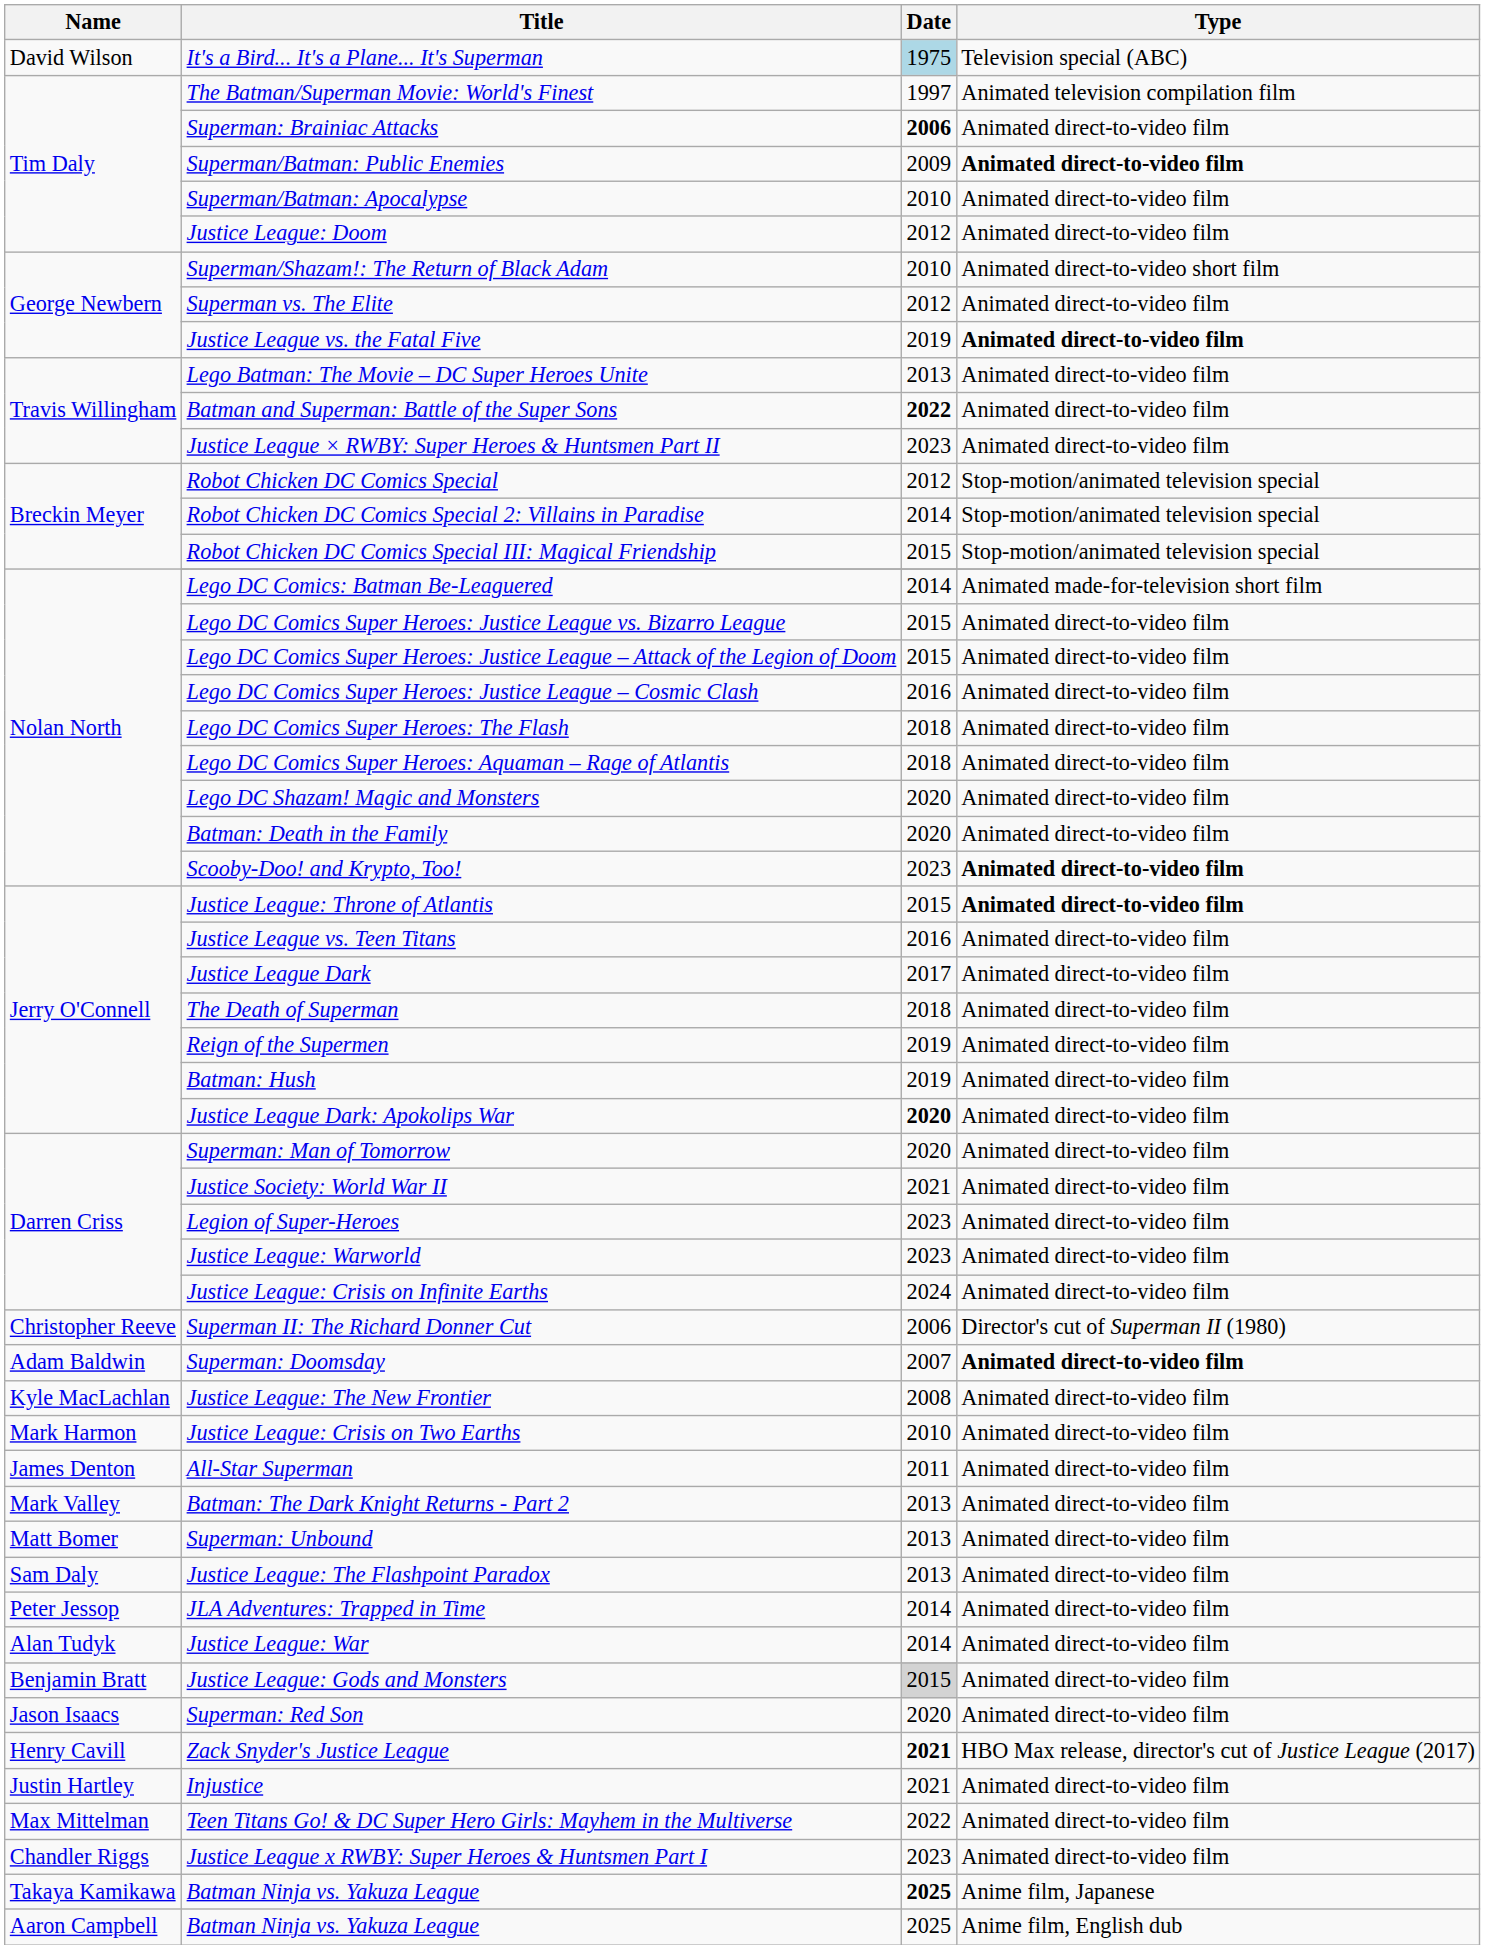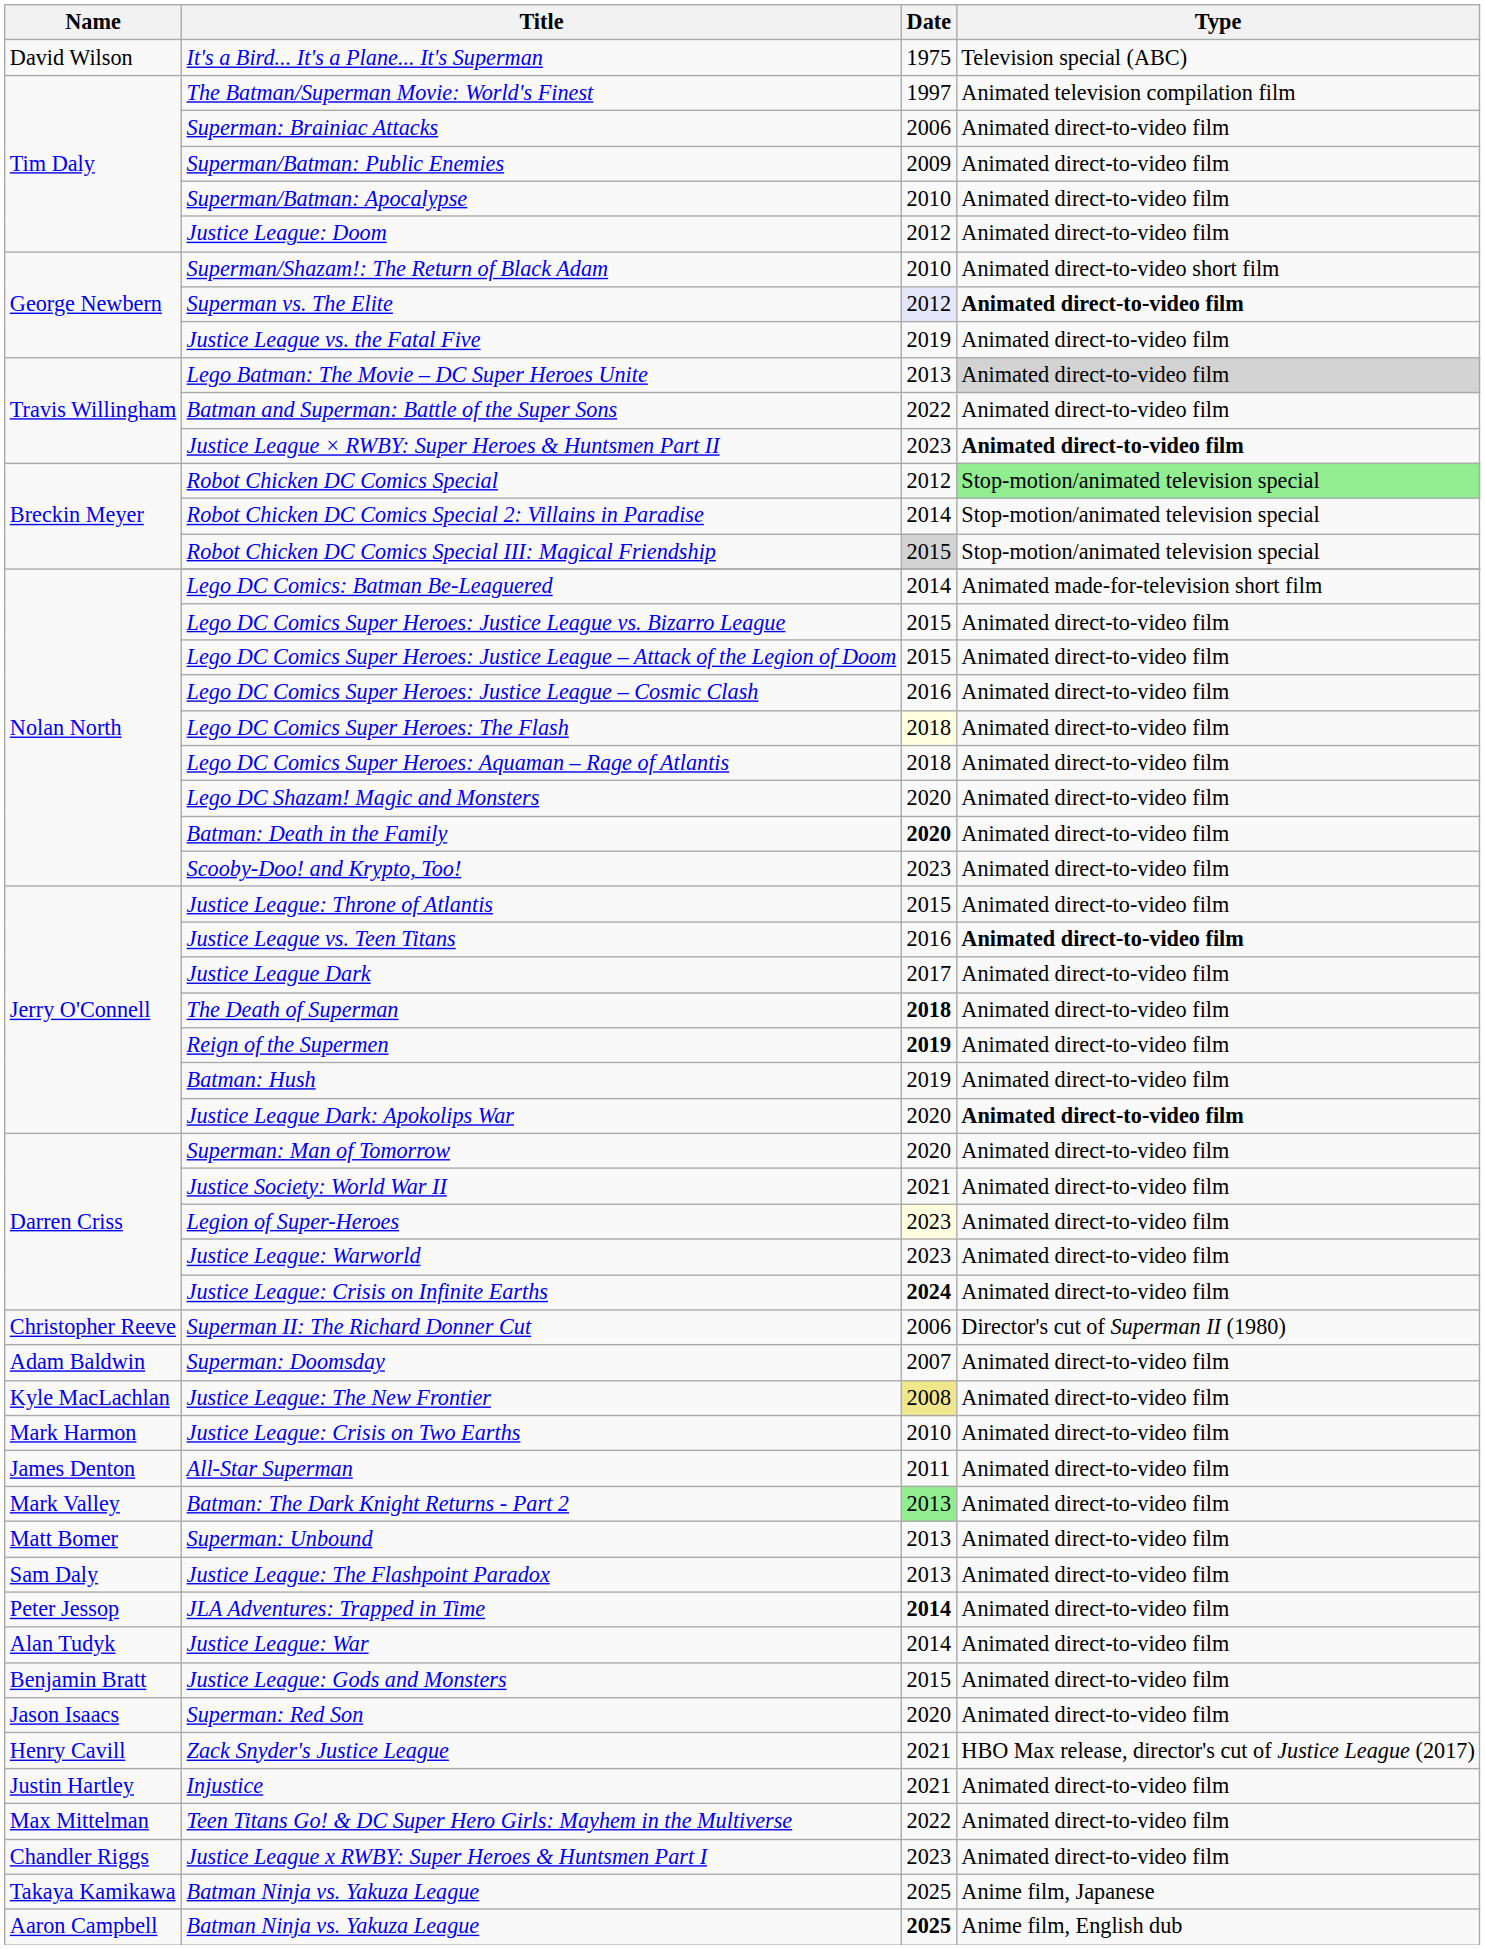 <table class="wikitable sortable">
 <tr>
 <th>Name</th>
 <th>Title</th>
 <th>Date</th>
 <th>Type</th>
 </tr>
 <tr>
 <td>David Wilson</td>
 <td><em><a href='#'>It's a Bird... It's a Plane... It's Superman</a></em></td>
-<td style="background: lightblue;">1975</td>
+<td>1975</td>
 <td>Television special (ABC)</td>
 </tr>
 <tr>
 <td rowspan="5"><a href='#'>Tim Daly</a></td>
 <td><em><a href='#'>The Batman/Superman Movie: World's Finest</a></em></td>
 <td>1997</td>
 <td>Animated television compilation film</td>
 </tr>
 <tr>
 <td><em><a href='#'>Superman: Brainiac Attacks</a></em></td>
-<td><strong>2006</strong></td>
+<td>2006</td>
 <td>Animated direct-to-video film</td>
 </tr>
 <tr>
 <td><em><a href='#'>Superman/Batman: Public Enemies</a></em></td>
 <td>2009</td>
-<td><strong>Animated direct-to-video film</strong></td>
+<td>Animated direct-to-video film</td>
 </tr>
 <tr>
 <td><em><a href='#'>Superman/Batman: Apocalypse</a></em></td>
 <td>2010</td>
 <td>Animated direct-to-video film</td>
 </tr>
 <tr>
 <td><em><a href='#'>Justice League: Doom</a></em></td>
 <td>2012</td>
 <td>Animated direct-to-video film</td>
 </tr>
 <tr>
 <td rowspan="3"><a href='#'>George Newbern</a></td>
 <td><em><a href='#'>Superman/Shazam!: The Return of Black Adam</a></em></td>
 <td>2010</td>
 <td>Animated direct-to-video short film</td>
 </tr>
 <tr>
 <td><em><a href='#'>Superman vs. The Elite</a></em></td>
-<td>2012</td>
-<td>Animated direct-to-video film</td>
+<td style="background: lavender;">2012</td>
+<td><strong>Animated direct-to-video film</strong></td>
 </tr>
 <tr>
 <td><em><a href='#'>Justice League vs. the Fatal Five</a></em></td>
 <td>2019</td>
-<td><strong>Animated direct-to-video film</strong></td>
+<td>Animated direct-to-video film</td>
 </tr>
 <tr>
 <td rowspan="3"><a href='#'>Travis Willingham</a></td>
 <td><em><a href='#'>Lego Batman: The Movie – DC Super Heroes Unite</a></em></td>
 <td>2013</td>
-<td>Animated direct-to-video film</td>
+<td style="background: lightgrey;">Animated direct-to-video film</td>
 </tr>
 <tr>
 <td><em><a href='#'>Batman and Superman: Battle of the Super Sons</a></em></td>
-<td><strong>2022</strong></td>
+<td>2022</td>
 <td>Animated direct-to-video film</td>
 </tr>
 <tr>
 <td><em><a href='#'>Justice League × RWBY: Super Heroes & Huntsmen Part II</a></em></td>
 <td>2023</td>
-<td>Animated direct-to-video film</td>
+<td><strong>Animated direct-to-video film</strong></td>
 </tr>
 <tr>
 <td rowspan="3"><a href='#'>Breckin Meyer</a></td>
 <td><em><a href='#'>Robot Chicken DC Comics Special</a></em></td>
 <td>2012</td>
-<td>Stop-motion/animated television special</td>
+<td style="background: lightgreen;">Stop-motion/animated television special</td>
 </tr>
 <tr>
 <td><em><a href='#'>Robot Chicken DC Comics Special 2: Villains in Paradise</a></em></td>
 <td>2014</td>
 <td>Stop-motion/animated television special</td>
 </tr>
 <tr>
 <td><em><a href='#'>Robot Chicken DC Comics Special III: Magical Friendship</a></em></td>
-<td>2015</td>
+<td style="background: lightgrey;">2015</td>
 <td>Stop-motion/animated television special</td>
 </tr>
 <tr>
 <td rowspan="10"><a href='#'>Nolan North</a></td>
 </tr>
 <tr>
 <td><em><a href='#'>Lego DC Comics: Batman Be-Leaguered</a></em></td>
 <td>2014</td>
 <td>Animated made-for-television short film</td>
 </tr>
 <tr>
 <td><em><a href='#'>Lego DC Comics Super Heroes: Justice League vs. Bizarro League</a></em></td>
 <td>2015</td>
 <td>Animated direct-to-video film</td>
 </tr>
 <tr>
 <td><em><a href='#'>Lego DC Comics Super Heroes: Justice League – Attack of the Legion of Doom</a></em></td>
 <td>2015</td>
 <td>Animated direct-to-video film</td>
 </tr>
 <tr>
 <td><em><a href='#'>Lego DC Comics Super Heroes: Justice League – Cosmic Clash</a></em></td>
 <td>2016</td>
 <td>Animated direct-to-video film</td>
 </tr>
 <tr>
 <td><em><a href='#'>Lego DC Comics Super Heroes: The Flash</a></em></td>
-<td>2018</td>
+<td style="background: lightyellow;">2018</td>
 <td>Animated direct-to-video film</td>
 </tr>
 <tr>
 <td><em><a href='#'>Lego DC Comics Super Heroes: Aquaman – Rage of Atlantis</a></em></td>
 <td>2018</td>
 <td>Animated direct-to-video film</td>
 </tr>
 <tr>
 <td><em><a href='#'>Lego DC Shazam! Magic and Monsters</a></em></td>
 <td>2020</td>
 <td>Animated direct-to-video film</td>
 </tr>
 <tr>
 <td><em><a href='#'>Batman: Death in the Family</a></em></td>
-<td>2020</td>
+<td><strong>2020</strong></td>
 <td>Animated direct-to-video film</td>
 </tr>
 <tr>
 <td><em><a href='#'>Scooby-Doo! and Krypto, Too!</a></em></td>
 <td>2023</td>
-<td><strong>Animated direct-to-video film</strong></td>
+<td>Animated direct-to-video film</td>
 </tr>
 <tr>
 <td rowspan="7"><a href='#'>Jerry O'Connell</a></td>
 <td><em><a href='#'>Justice League: Throne of Atlantis</a></em></td>
 <td>2015</td>
-<td><strong>Animated direct-to-video film</strong></td>
+<td>Animated direct-to-video film</td>
 </tr>
 <tr>
 <td><em><a href='#'>Justice League vs. Teen Titans</a></em></td>
 <td>2016</td>
-<td>Animated direct-to-video film</td>
+<td><strong>Animated direct-to-video film</strong></td>
 </tr>
 <tr>
 <td><em><a href='#'>Justice League Dark</a></em></td>
 <td>2017</td>
 <td>Animated direct-to-video film</td>
 </tr>
 <tr>
 <td><em><a href='#'>The Death of Superman</a></em></td>
-<td>2018</td>
+<td><strong>2018</strong></td>
 <td>Animated direct-to-video film</td>
 </tr>
 <tr>
 <td><em><a href='#'>Reign of the Supermen</a></em></td>
-<td>2019</td>
+<td><strong>2019</strong></td>
 <td>Animated direct-to-video film</td>
 </tr>
 <tr>
 <td><em><a href='#'>Batman: Hush</a></em></td>
 <td>2019</td>
 <td>Animated direct-to-video film</td>
 </tr>
 <tr>
 <td><em><a href='#'>Justice League Dark: Apokolips War</a></em></td>
-<td><strong>2020</strong></td>
-<td>Animated direct-to-video film</td>
+<td>2020</td>
+<td><strong>Animated direct-to-video film</strong></td>
 </tr>
 <tr>
 <td rowspan="5"><a href='#'>Darren Criss</a></td>
 <td><em><a href='#'>Superman: Man of Tomorrow</a></em></td>
 <td>2020</td>
 <td>Animated direct-to-video film</td>
 </tr>
 <tr>
 <td><em><a href='#'>Justice Society: World War II</a></em></td>
 <td>2021</td>
 <td>Animated direct-to-video film</td>
 </tr>
 <tr>
 <td><em><a href='#'>Legion of Super-Heroes</a></em></td>
-<td>2023</td>
+<td style="background: lightyellow;">2023</td>
 <td>Animated direct-to-video film</td>
 </tr>
 <tr>
 <td><em><a href='#'>Justice League: Warworld</a></em></td>
 <td>2023</td>
 <td>Animated direct-to-video film</td>
 </tr>
 <tr>
 <td><em><a href='#'>Justice League: Crisis on Infinite Earths</a></em></td>
-<td>2024</td>
+<td><strong>2024</strong></td>
 <td>Animated direct-to-video film</td>
 </tr>
 <tr>
 <td><a href='#'>Christopher Reeve</a></td>
 <td><em><a href='#'>Superman II: The Richard Donner Cut</a></em></td>
 <td>2006</td>
 <td>Director's cut of <em>Superman II</em> (1980)</td>
 </tr>
 <tr>
 <td><a href='#'>Adam Baldwin</a></td>
 <td><em><a href='#'>Superman: Doomsday</a></em></td>
 <td>2007</td>
-<td><strong>Animated direct-to-video film</strong></td>
+<td>Animated direct-to-video film</td>
 </tr>
 <tr>
 <td><a href='#'>Kyle MacLachlan</a></td>
 <td><em><a href='#'>Justice League: The New Frontier</a></em></td>
-<td>2008</td>
+<td style="background: khaki;">2008</td>
 <td>Animated direct-to-video film</td>
 </tr>
 <tr>
 <td><a href='#'>Mark Harmon</a></td>
 <td><em><a href='#'>Justice League: Crisis on Two Earths</a></em></td>
 <td>2010</td>
 <td>Animated direct-to-video film</td>
 </tr>
 <tr>
 <td><a href='#'>James Denton</a></td>
 <td><em><a href='#'>All-Star Superman</a></em></td>
 <td>2011</td>
 <td>Animated direct-to-video film</td>
 </tr>
 <tr>
 <td><a href='#'>Mark Valley</a></td>
 <td><em><a href='#'>Batman: The Dark Knight Returns - Part 2</a></em></td>
-<td>2013</td>
+<td style="background: lightgreen;">2013</td>
 <td>Animated direct-to-video film</td>
 </tr>
 <tr>
 <td><a href='#'>Matt Bomer</a></td>
 <td><em><a href='#'>Superman: Unbound</a></em></td>
 <td>2013</td>
 <td>Animated direct-to-video film</td>
 </tr>
 <tr>
 <td><a href='#'>Sam Daly</a></td>
 <td><em><a href='#'>Justice League: The Flashpoint Paradox</a></em></td>
 <td>2013</td>
 <td>Animated direct-to-video film</td>
 </tr>
 <tr>
 <td><a href='#'>Peter Jessop</a></td>
 <td><em><a href='#'>JLA Adventures: Trapped in Time</a></em></td>
-<td>2014</td>
+<td><strong>2014</strong></td>
 <td>Animated direct-to-video film</td>
 </tr>
 <tr>
 <td><a href='#'>Alan Tudyk</a></td>
 <td><em><a href='#'>Justice League: War</a></em></td>
 <td>2014</td>
 <td>Animated direct-to-video film</td>
 </tr>
 <tr>
 <td><a href='#'>Benjamin Bratt</a></td>
 <td><em><a href='#'>Justice League: Gods and Monsters</a></em></td>
-<td style="background: lightgrey;">2015</td>
+<td>2015</td>
 <td>Animated direct-to-video film</td>
 </tr>
 <tr>
 <td><a href='#'>Jason Isaacs</a></td>
 <td><em><a href='#'>Superman: Red Son</a></em></td>
 <td>2020</td>
 <td>Animated direct-to-video film</td>
 </tr>
 <tr>
 <td><a href='#'>Henry Cavill</a></td>
 <td><em><a href='#'>Zack Snyder's Justice League</a></em></td>
-<td><strong>2021</strong></td>
+<td>2021</td>
 <td>HBO Max release, director's cut of <em>Justice League</em> (2017)</td>
 </tr>
 <tr>
 <td><a href='#'>Justin Hartley</a></td>
 <td><em><a href='#'>Injustice</a></em></td>
 <td>2021</td>
 <td>Animated direct-to-video film</td>
 </tr>
 <tr>
 <td><a href='#'>Max Mittelman</a></td>
 <td><em><a href='#'>Teen Titans Go! & DC Super Hero Girls: Mayhem in the Multiverse</a></em></td>
 <td>2022</td>
 <td>Animated direct-to-video film</td>
 </tr>
 <tr>
 <td><a href='#'>Chandler Riggs</a></td>
 <td><em><a href='#'>Justice League x RWBY: Super Heroes & Huntsmen Part I</a></em></td>
 <td>2023</td>
 <td>Animated direct-to-video film</td>
 </tr>
 <tr>
 <td><a href='#'>Takaya Kamikawa</a></td>
 <td><em><a href='#'>Batman Ninja vs. Yakuza League</a></em></td>
-<td><strong>2025</strong></td>
+<td>2025</td>
 <td>Anime film, Japanese</td>
 </tr>
 <tr>
 <td><a href='#'>Aaron Campbell</a></td>
 <td><em><a href='#'>Batman Ninja vs. Yakuza League</a></em></td>
-<td>2025</td>
+<td><strong>2025</strong></td>
 <td>Anime film, English dub</td>
 </tr>
 </table>
